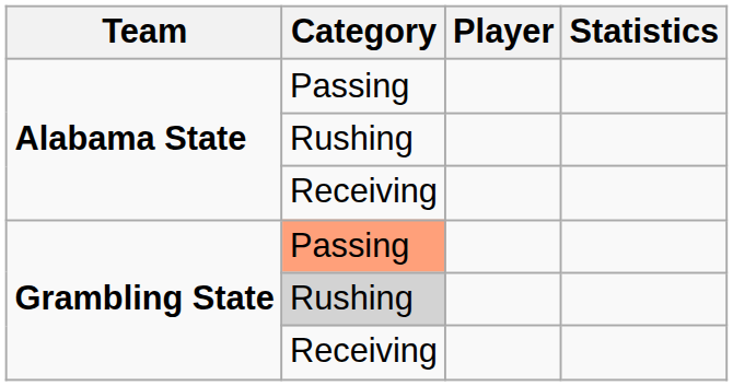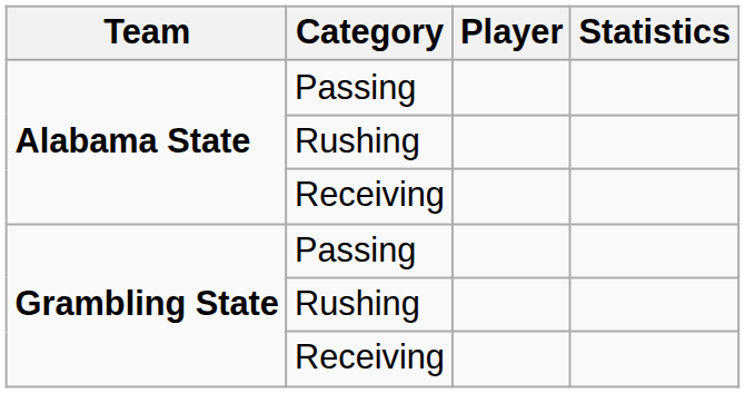 <table class="wikitable" style="float: right;">
 <tr>
 <th>Team</th>
 <th>Category</th>
 <th>Player</th>
 <th>Statistics</th>
 </tr>
 <tr>
 <td rowspan=3><strong>Alabama State</strong></td>
 <td>Passing</td>
 <td></td>
 <td></td>
 </tr>
 <tr>
 <td>Rushing</td>
 <td></td>
 <td></td>
 </tr>
 <tr>
 <td>Receiving</td>
 <td></td>
 <td></td>
 </tr>
 <tr>
 <td rowspan=3><strong>Grambling State</strong></td>
-<td style="background: lightsalmon;">Passing</td>
+<td>Passing</td>
 <td></td>
 <td></td>
 </tr>
 <tr>
-<td style="background: lightgrey;">Rushing</td>
+<td>Rushing</td>
 <td></td>
 <td></td>
 </tr>
 <tr>
 <td>Receiving</td>
 <td></td>
 <td></td>
 </tr>
 </table>
